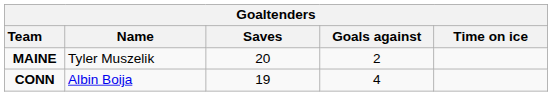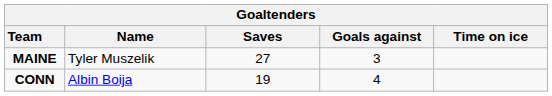 <table class="wikitable" style="width:40em; text-align:right;">
 <tr>
 <th colspan=5>Goaltenders</th>
 </tr>
 <tr>
 <th style="width:4em; text-align:left;">Team</th>
 <th style="width:10em;">Name</th>
 <th style="width:8em;">Saves</th>
 <th style="width:8em;">Goals against</th>
 <th style="width:8em;">Time on ice</th>
 </tr>
 <tr>
 <td align=center><strong>MAINE</strong></td>
 <td style="text-align:left;">Tyler Muszelik</td>
-<td align=center>20</td>
-<td align=center>2</td>
+<td align=center>27</td>
+<td align=center>3</td>
 <td align=center></td>
 </tr>
 <tr>
 <td align=center><strong>CONN</strong></td>
 <td style="text-align:left;"><a href='#'>Albin Boija</a></td>
 <td align=center>19</td>
 <td align=center>4</td>
 <td align=center></td>
 </tr>
 </table>
